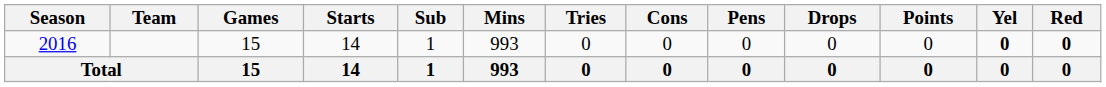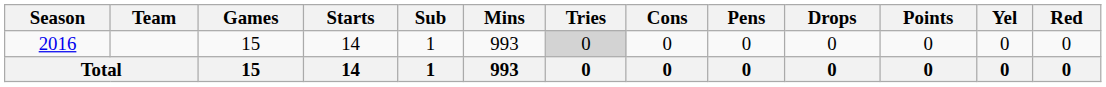 <table class="wikitable" style="text-align:center; line-height:90%; font-size:95%; width:70%;">
 <tr>
 <th>Season</th>
 <th>Team</th>
 <th>Games</th>
 <th>Starts</th>
 <th>Sub</th>
 <th>Mins</th>
 <th>Tries</th>
 <th>Cons</th>
 <th>Pens</th>
 <th>Drops</th>
 <th>Points</th>
 <th>Yel</th>
 <th>Red</th>
 </tr>
 <tr>
 <td><a href='#'>2016</a></td>
 <td></td>
 <td>15</td>
 <td>14</td>
 <td>1</td>
 <td>993</td>
+<td style="background: lightgrey;">0</td>
 <td>0</td>
 <td>0</td>
 <td>0</td>
 <td>0</td>
 <td>0</td>
-<td><strong>0</strong></td>
-<td><strong>0</strong></td>
+<td>0</td>
 </tr>
 <tr>
 <th colspan="2">Total</th>
 <th>15</th>
 <th>14</th>
 <th>1</th>
 <th>993</th>
 <th>0</th>
 <th>0</th>
 <th>0</th>
 <th>0</th>
 <th>0</th>
 <th>0</th>
 <th>0</th>
 </tr>
 </table>
